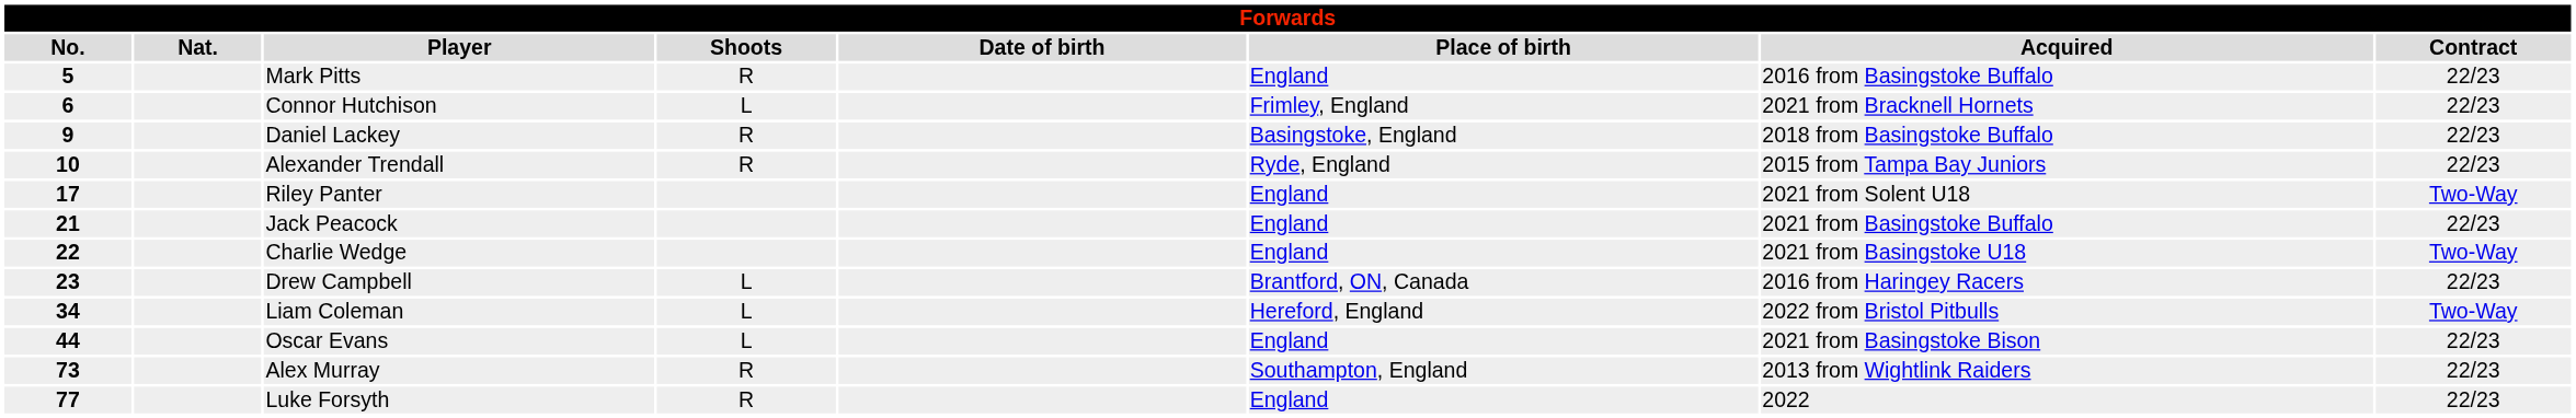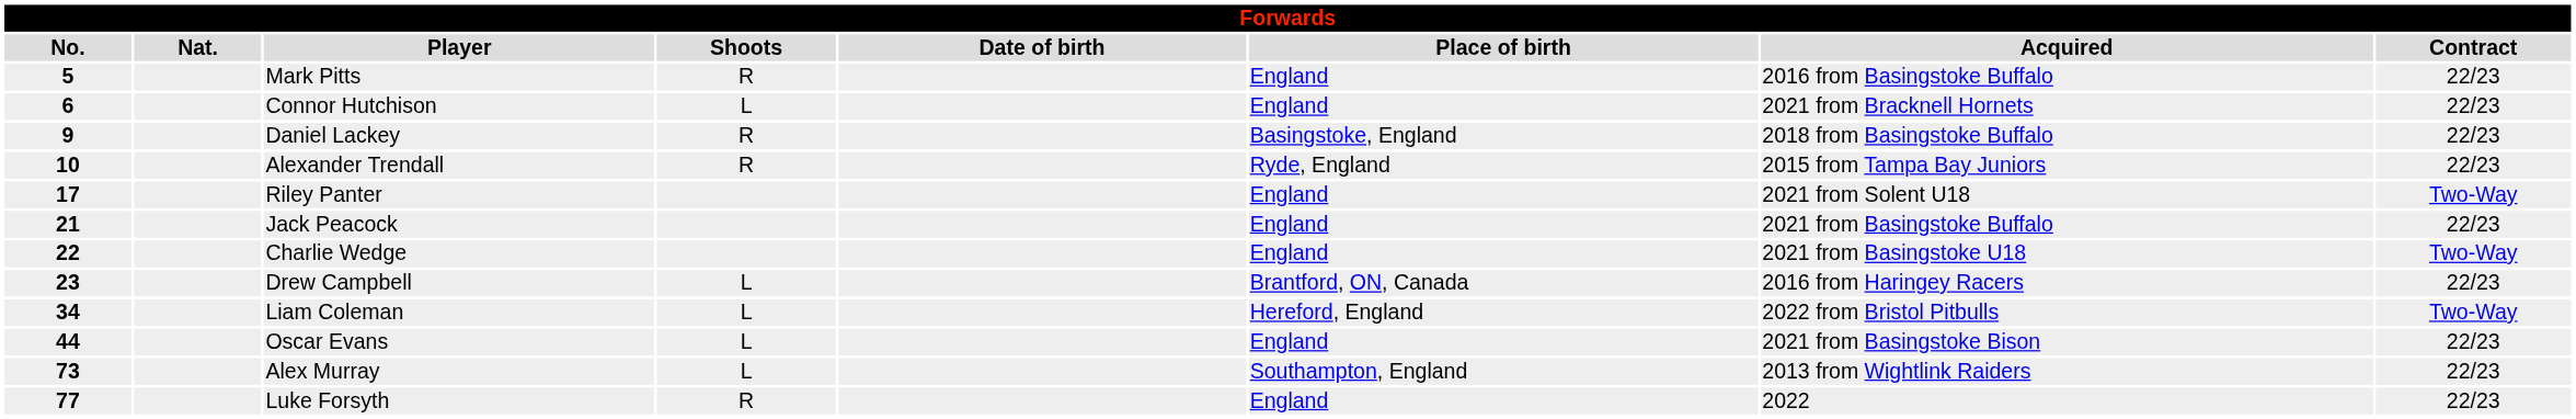 <table class="toccolours"  style="width:97%; clear:both; margin:1.5em auto; text-align:center;">
 <tr style="background:#ddd;">
 <th colspan="11" style="background:black; color:#f42300;”">Forwards</th>
 </tr>
 <tr style="background:#ddd;">
 <th width=5%>No.</th>
 <th width=5%>Nat.</th>
 <th !width=22%>Player</th>
 <th width=7%>Shoots</th>
 <th width=16%>Date of birth</th>
 <th width=20%>Place of birth</th>
 <th width=24%>Acquired</th>
 <td><strong>Contract</strong></td>
 </tr>
 <tr style="background:#eee;">
 <td><strong>5</strong></td>
 <td></td>
 <td align=left>Mark Pitts</td>
 <td>R</td>
 <td align=left></td>
 <td align=left><a href='#'>England</a></td>
 <td align=left>2016 from <a href='#'>Basingstoke Buffalo</a></td>
 <td>22/23</td>
 </tr>
 <tr style="background:#eee;">
 <td><strong>6</strong></td>
 <td></td>
 <td align=left>Connor Hutchison</td>
 <td>L</td>
 <td align=left></td>
-<td align=left><a href='#'>Frimley</a>, England</td>
+<td align=left><a href='#'>England</a></td>
 <td align=left>2021 from <a href='#'>Bracknell Hornets</a></td>
 <td>22/23</td>
 </tr>
 <tr style="background:#eee;">
 <td><strong>9</strong></td>
 <td></td>
 <td align=left>Daniel Lackey</td>
 <td>R</td>
 <td align=left></td>
 <td align=left><a href='#'>Basingstoke</a>, England</td>
 <td align=left>2018 from <a href='#'>Basingstoke Buffalo</a></td>
 <td>22/23</td>
 </tr>
 <tr style="background:#eee;">
 <td><strong>10</strong></td>
 <td></td>
 <td align=left>Alexander Trendall</td>
 <td>R</td>
 <td align=left></td>
 <td align=left><a href='#'>Ryde</a>, England</td>
 <td align=left>2015 from <a href='#'>Tampa Bay Juniors</a></td>
 <td>22/23</td>
 </tr>
 <tr style="background:#eee;">
 <td><strong>17</strong></td>
 <td></td>
 <td align=left>Riley Panter</td>
 <td></td>
 <td align=left></td>
 <td align=left><a href='#'>England</a></td>
 <td align=left>2021 from Solent U18</td>
 <td><a href='#'>Two-Way</a></td>
 </tr>
 <tr style="background:#eee;">
 <td><strong>21</strong></td>
 <td></td>
 <td align=left>Jack Peacock</td>
 <td></td>
 <td align=left></td>
 <td align=left><a href='#'>England</a></td>
 <td align=left>2021 from <a href='#'>Basingstoke Buffalo</a></td>
 <td>22/23</td>
 </tr>
 <tr style="background:#eee;">
 <td><strong>22</strong></td>
 <td></td>
 <td align=left>Charlie Wedge</td>
 <td></td>
 <td align=left></td>
 <td align=left><a href='#'>England</a></td>
 <td align=left>2021 from <a href='#'>Basingstoke U18</a></td>
 <td><a href='#'>Two-Way</a></td>
 </tr>
 <tr style="background:#eee;">
 <td><strong>23</strong></td>
 <td></td>
 <td align=left>Drew Campbell</td>
 <td>L</td>
 <td align=left></td>
 <td align=left><a href='#'>Brantford</a>, <a href='#'>ON</a>, Canada</td>
 <td align=left>2016 from <a href='#'>Haringey Racers</a></td>
 <td>22/23</td>
 </tr>
 <tr style="background:#eee;">
 <td><strong>34</strong></td>
 <td></td>
 <td align=left>Liam Coleman</td>
 <td>L</td>
 <td align=left></td>
 <td align=left><a href='#'>Hereford</a>, England</td>
 <td align=left>2022 from <a href='#'>Bristol Pitbulls</a></td>
 <td><a href='#'>Two-Way</a></td>
 </tr>
 <tr style="background:#eee;">
 <td><strong>44</strong></td>
 <td></td>
 <td align=left>Oscar Evans</td>
 <td>L</td>
 <td align=left></td>
 <td align=left><a href='#'>England</a></td>
 <td align=left>2021 from <a href='#'>Basingstoke Bison</a></td>
 <td>22/23</td>
 </tr>
 <tr style="background:#eee;">
 <td><strong>73</strong></td>
 <td></td>
 <td align=left>Alex Murray</td>
-<td>R</td>
+<td>L</td>
 <td align=left></td>
 <td align=left><a href='#'>Southampton</a>, England</td>
 <td align=left>2013 from <a href='#'>Wightlink Raiders</a></td>
 <td>22/23</td>
 </tr>
 <tr style="background:#eee;">
 <td><strong>77</strong></td>
 <td></td>
 <td align=left>Luke Forsyth</td>
 <td>R</td>
 <td align=left></td>
 <td align=left><a href='#'>England</a></td>
 <td align=left>2022</td>
 <td>22/23</td>
 </tr>
 </table>
